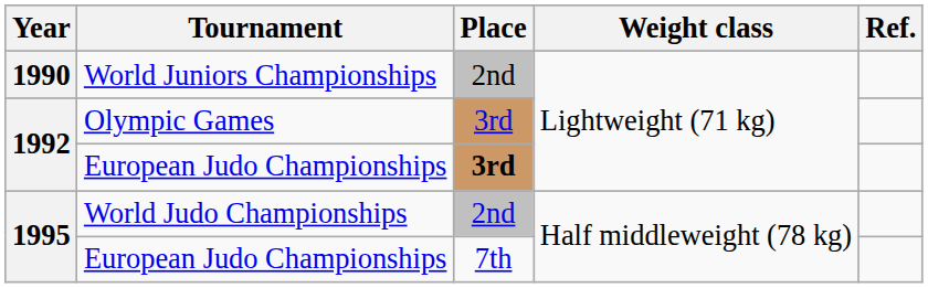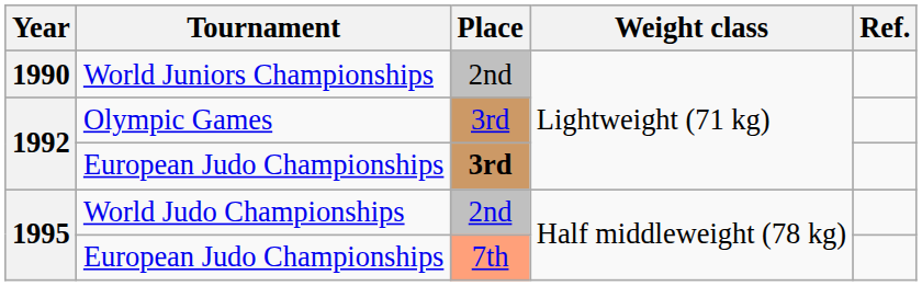 <table class=wikitable>
 <tr>
 <th>Year</th>
 <th>Tournament</th>
 <th>Place</th>
 <th>Weight class</th>
 <th>Ref.</th>
 </tr>
 <tr>
 <th>1990</th>
 <td><a href='#'>World Juniors Championships</a></td>
 <td bgcolor=silver align=center>2nd</td>
 <td rowspan=3>Lightweight (71 kg)</td>
 <td></td>
 </tr>
 <tr>
 <th rowspan=2>1992</th>
 <td><a href='#'>Olympic Games</a></td>
 <td bgcolor="cc9966" align=center><a href='#'>3rd</a></td>
 <td></td>
 </tr>
 <tr>
 <td><a href='#'>European Judo Championships</a></td>
 <td bgcolor="cc9966" align=center><strong>3rd</strong></td>
 <td></td>
 </tr>
 <tr>
 <th rowspan=2>1995</th>
 <td><a href='#'>World Judo Championships</a></td>
 <td bgcolor=silver align=center><a href='#'>2nd</a></td>
 <td rowspan=2>Half middleweight (78 kg)</td>
 <td></td>
 </tr>
 <tr>
 <td><a href='#'>European Judo Championships</a></td>
-<td align=center><a href='#'>7th</a></td>
+<td align=center style="background: lightsalmon;"><a href='#'>7th</a></td>
 <td></td>
 </tr>
 </table>
